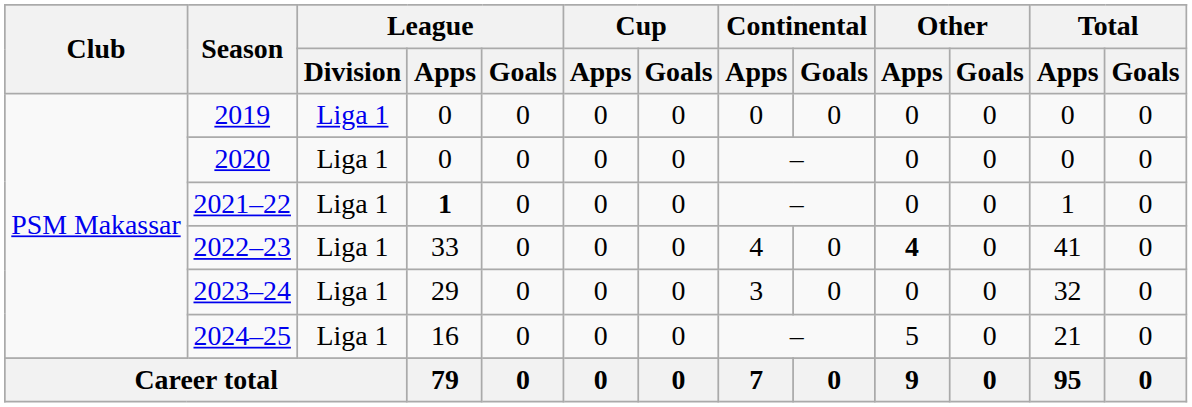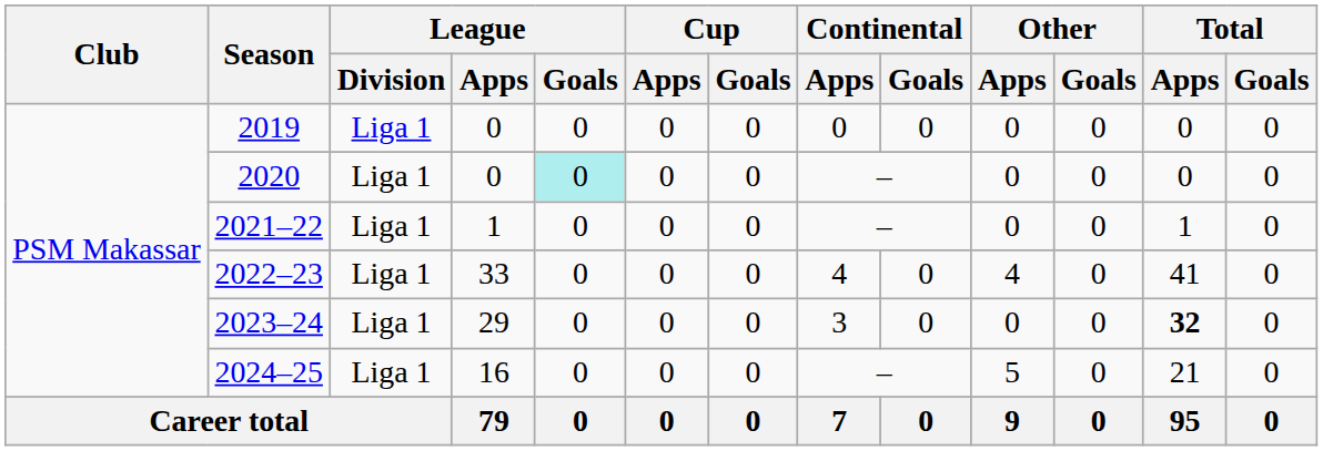 <table class="wikitable" style="text-align: center">
 <tr>
 <th rowspan="2">Club</th>
 <th rowspan="2">Season</th>
 <th colspan="3">League</th>
 <th colspan="2">Cup</th>
 <th colspan="2">Continental</th>
 <th colspan="2">Other</th>
 <th colspan="2">Total</th>
 </tr>
 <tr>
 <th>Division</th>
 <th>Apps</th>
 <th>Goals</th>
 <th>Apps</th>
 <th>Goals</th>
 <th>Apps</th>
 <th>Goals</th>
 <th>Apps</th>
 <th>Goals</th>
 <th>Apps</th>
 <th>Goals</th>
 </tr>
 <tr>
 <td rowspan="6"><a href='#'>PSM Makassar</a></td>
 <td><a href='#'>2019</a></td>
 <td rowspan="1" valign="center"><a href='#'>Liga 1</a></td>
 <td>0</td>
 <td>0</td>
 <td>0</td>
 <td>0</td>
 <td>0</td>
 <td>0</td>
 <td>0</td>
 <td>0</td>
 <td>0</td>
 <td>0</td>
 </tr>
 <tr>
 <td><a href='#'>2020</a></td>
 <td rowspan="1" valign="center">Liga 1</td>
 <td>0</td>
-<td>0</td>
+<td style="background: paleturquoise;">0</td>
 <td>0</td>
 <td>0</td>
 <td colspan=2>–</td>
 <td>0</td>
 <td>0</td>
 <td>0</td>
 <td>0</td>
 </tr>
 <tr>
 <td><a href='#'>2021–22</a></td>
 <td rowspan="1" valign="center">Liga 1</td>
-<td><strong>1</strong></td>
+<td>1</td>
 <td>0</td>
 <td>0</td>
 <td>0</td>
 <td colspan=2>–</td>
 <td>0</td>
 <td>0</td>
 <td>1</td>
 <td>0</td>
 </tr>
 <tr>
 <td><a href='#'>2022–23</a></td>
 <td rowspan="1" valign="center">Liga 1</td>
 <td>33</td>
 <td>0</td>
 <td>0</td>
 <td>0</td>
 <td>4</td>
 <td>0</td>
-<td><strong>4</strong></td>
+<td>4</td>
 <td>0</td>
 <td>41</td>
 <td>0</td>
 </tr>
 <tr>
 <td><a href='#'>2023–24</a></td>
 <td>Liga 1</td>
 <td>29</td>
 <td>0</td>
 <td>0</td>
 <td>0</td>
 <td>3</td>
 <td>0</td>
 <td>0</td>
 <td>0</td>
-<td>32</td>
+<td><strong>32</strong></td>
 <td>0</td>
 </tr>
 <tr>
 <td><a href='#'>2024–25</a></td>
 <td>Liga 1</td>
 <td>16</td>
 <td>0</td>
 <td>0</td>
 <td>0</td>
 <td colspan="2">–</td>
 <td>5</td>
 <td>0</td>
 <td>21</td>
 <td>0</td>
 </tr>
 <tr>
 <th colspan=3>Career total</th>
 <th>79</th>
 <th>0</th>
 <th>0</th>
 <th>0</th>
 <th>7</th>
 <th>0</th>
 <th>9</th>
 <th>0</th>
 <th>95</th>
 <th>0</th>
 </tr>
 </table>
